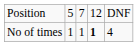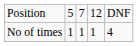 <table class="wikitable">
 <tr>
 <td>Position</td>
 <td>5</td>
 <td>7</td>
 <td>12</td>
 <td>DNF</td>
 </tr>
 <tr>
 <td>No of times</td>
 <td>1</td>
 <td>1</td>
-<td><strong>1</strong></td>
+<td>1</td>
 <td>4</td>
 </tr>
 </table>
